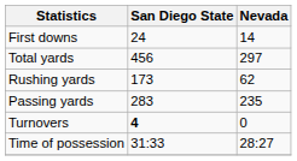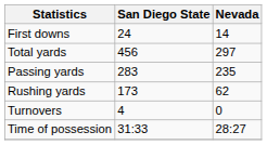 <table class="wikitable">
 <tr>
 <th>Statistics</th>
 <th>San Diego State</th>
 <th>Nevada</th>
 </tr>
 <tr>
 <td>First downs</td>
 <td>24</td>
 <td>14</td>
 </tr>
 <tr>
 <td>Total yards</td>
 <td>456</td>
 <td>297</td>
 </tr>
 <tr>
+<td>Passing yards</td>
+<td>283</td>
+<td>235</td>
+</tr>
+<tr>
 <td>Rushing yards</td>
 <td>173</td>
 <td>62</td>
 </tr>
 <tr>
-<td>Passing yards</td>
-<td>283</td>
-<td>235</td>
-</tr>
-<tr>
 <td>Turnovers</td>
-<td><strong>4</strong></td>
+<td>4</td>
 <td>0</td>
 </tr>
 <tr>
 <td>Time of possession</td>
 <td>31:33</td>
 <td>28:27</td>
 </tr>
 <tr>
 </tr>
 </table>
